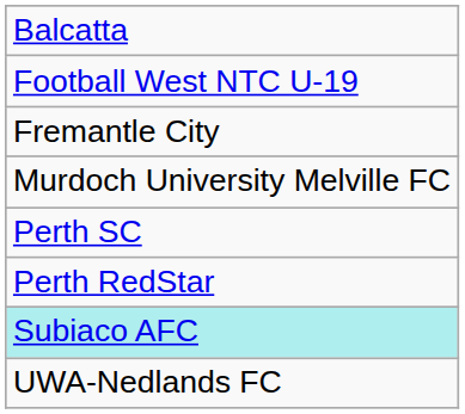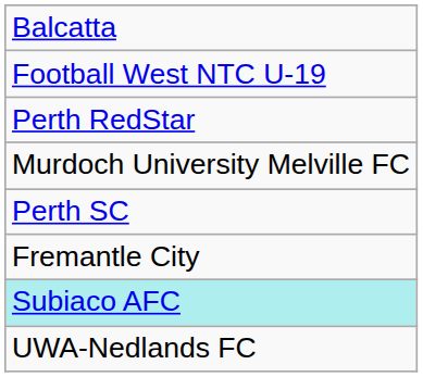 <table class="wikitable">
 <tr>
 <td><a href='#'>Balcatta</a></td>
 </tr>
 <tr>
 <td><a href='#'>Football West NTC U-19</a></td>
 </tr>
 <tr>
-<td>Fremantle City</td>
+<td><a href='#'>Perth RedStar</a></td>
 </tr>
 <tr>
 <td>Murdoch University Melville FC</td>
 </tr>
 <tr>
 <td><a href='#'>Perth SC</a></td>
 </tr>
 <tr>
-<td><a href='#'>Perth RedStar</a></td>
+<td>Fremantle City</td>
 </tr>
 <tr>
 <td style="background: paleturquoise;"><a href='#'>Subiaco AFC</a></td>
 </tr>
 <tr>
 <td>UWA-Nedlands FC</td>
 </tr>
 </table>
